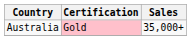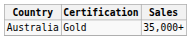 <table class="wikitable">
 <tr>
 <th>Country</th>
 <th>Certification</th>
 <th>Sales</th>
 </tr>
 <tr>
 <td>Australia</td>
-<td style="background: pink;">Gold</td>
+<td>Gold</td>
 <td>35,000+</td>
 </tr>
 <tr>
 </tr>
 </table>
